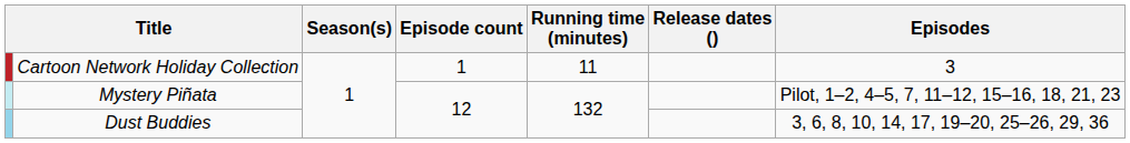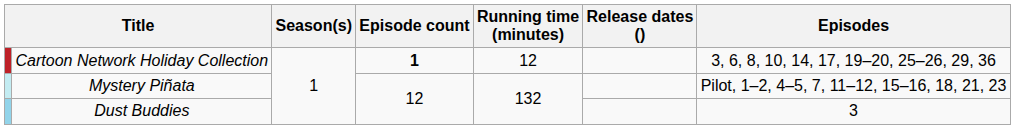 <table class="wikitable" style="text-align: center;">
 <tr>
 <th colspan=2>Title</th>
 <th>Season(s)</th>
 <th>Episode count</th>
 <th>Running time<br>(minutes)</th>
 <th>Release dates<br>()</th>
 <th>Episodes</th>
 </tr>
 <tr>
 <td style="background:#be2128"></td>
 <td><em>Cartoon Network Holiday Collection</em></td>
 <td rowspan=3>1</td>
-<td>1</td>
-<td>11</td>
+<td><strong>1</strong></td>
+<td>12</td>
 <td></td>
-<td>3</td>
+<td>3, 6, 8, 10, 14, 17, 19–20, 25–26, 29, 36</td>
 </tr>
 <tr>
 <td style="background:#c3ecf2"></td>
 <td><em>Mystery Piñata</em></td>
 <td rowspan="2">12</td>
 <td rowspan=2>132</td>
 <td></td>
 <td>Pilot, 1–2, 4–5, 7, 11–12, 15–16, 18, 21, 23</td>
 </tr>
 <tr>
 <td style="background:#92d4ea"></td>
 <td><em>Dust Buddies</em></td>
 <td></td>
-<td>3, 6, 8, 10, 14, 17, 19–20, 25–26, 29, 36</td>
+<td>3</td>
 </tr>
 </table>
